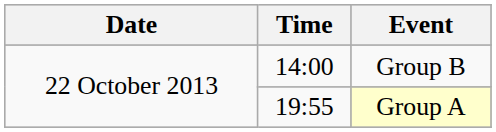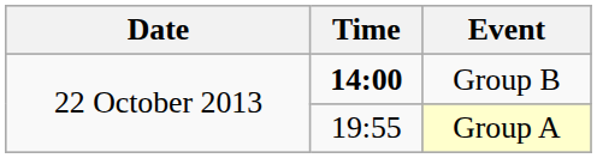 <table class = "wikitable" style="text-align:center;">
 <tr>
 <th width=150>Date</th>
 <th width=50>Time</th>
 <th width=80>Event</th>
 </tr>
 <tr>
 <td rowspan=2>22 October 2013</td>
-<td>14:00</td>
+<td><strong>14:00</strong></td>
 <td>Group B</td>
 </tr>
 <tr>
 <td>19:55</td>
 <td bgcolor=ffffcc>Group A</td>
 </tr>
 </table>
